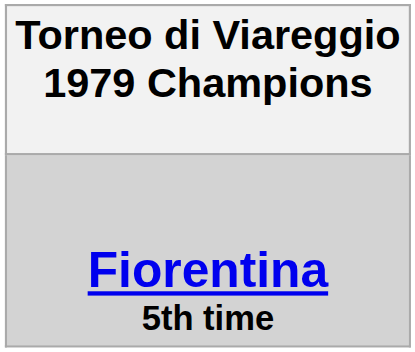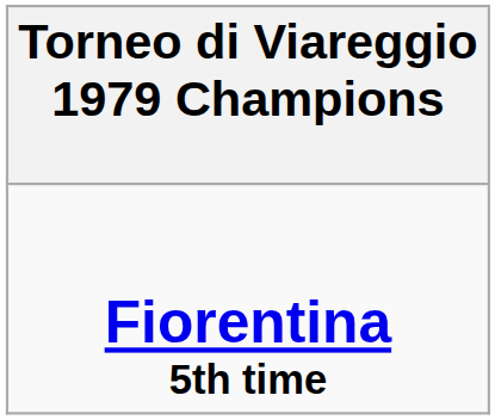 <table class="wikitable" style="margin: 0 auto; width: 30%;">
 <tr>
 <th><big>Torneo di Viareggio 1979 Champions</big><br><br></th>
 </tr>
 <tr>
-<td align=center style="background: lightgrey;"><br><br><big><big><strong><a href='#'>Fiorentina</a></strong><br></big></big><strong>5th time</strong></td>
+<td align=center><br><br><big><big><strong><a href='#'>Fiorentina</a></strong><br></big></big><strong>5th time</strong></td>
 </tr>
 </table>
